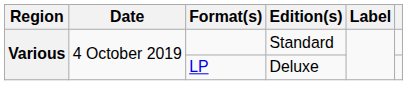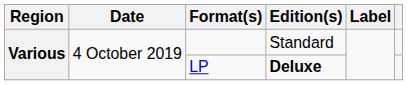 <table class="wikitable plainrowheaders">
 <tr>
 <th scope="col">Region</th>
 <th scope="col">Date</th>
 <th scope="col">Format(s)</th>
 <th scope="col">Edition(s)</th>
 <th scope="col">Label</th>
 <th scope="col"></th>
 </tr>
 <tr>
 <th scope="row" rowspan="2">Various</th>
 <td rowspan="2">4 October 2019</td>
 <td></td>
 <td>Standard</td>
 <td rowspan="2"></td>
 <td></td>
 </tr>
 <tr>
 <td><a href='#'>LP</a></td>
-<td>Deluxe</td>
+<td><strong>Deluxe</strong></td>
 <td></td>
 </tr>
 </table>
